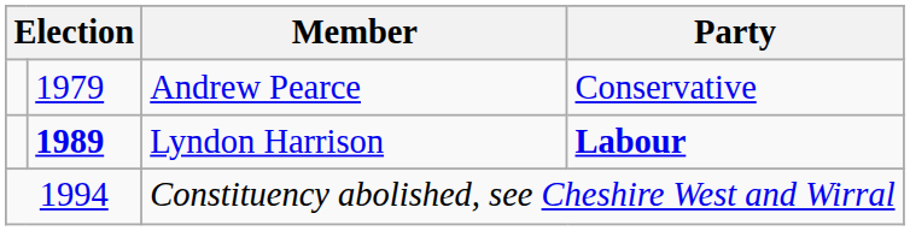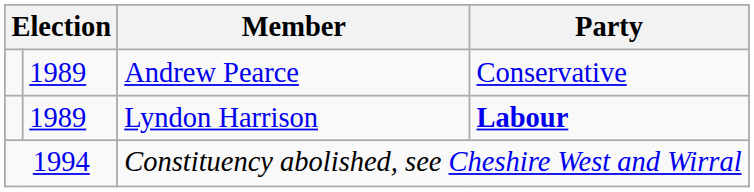 <table class="wikitable">
 <tr>
 <th colspan="2">Election</th>
 <th>Member</th>
 <th>Party</th>
 </tr>
 <tr>
 <td style="background-color: "></td>
-<td><a href='#'>1979</a></td>
+<td><a href='#'>1989</a></td>
 <td><a href='#'>Andrew Pearce</a></td>
 <td><a href='#'>Conservative</a></td>
 </tr>
 <tr>
 <td style="background-color: "></td>
-<td><strong><a href='#'>1989</a></strong></td>
+<td><a href='#'>1989</a></td>
 <td><a href='#'>Lyndon Harrison</a></td>
 <td><strong><a href='#'>Labour</a></strong></td>
 </tr>
 <tr>
 <td colspan="2" align="center"><a href='#'>1994</a></td>
 <td colspan="2"><em>Constituency abolished, see <a href='#'>Cheshire West and Wirral</a></em></td>
 </tr>
 </table>
